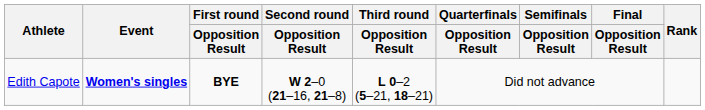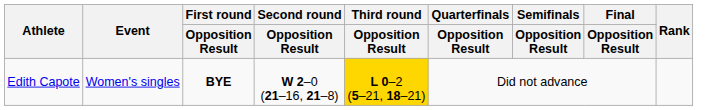 <table class="wikitable" style="font-size:90%">
 <tr>
 <th rowspan="2">Athlete</th>
 <th rowspan="2">Event</th>
 <th>First round</th>
 <th>Second round</th>
 <th>Third round</th>
 <th>Quarterfinals</th>
 <th>Semifinals</th>
 <th>Final</th>
 <th rowspan="2">Rank</th>
 </tr>
 <tr>
 <th>Opposition<br>Result</th>
 <th>Opposition<br>Result</th>
 <th>Opposition<br>Result</th>
 <th>Opposition<br>Result</th>
 <th>Opposition<br>Result</th>
 <th>Opposition<br>Result</th>
 </tr>
 <tr>
 <td><a href='#'>Edith Capote</a></td>
-<td><strong><a href='#'>Women's singles</a></strong></td>
+<td><a href='#'>Women's singles</a></td>
 <td align=center><strong>BYE</strong></td>
 <td align=center><br> <strong>W</strong> <strong>2</strong>–0<br>(<strong>21</strong>–16, <strong>21</strong>–8)</td>
-<td align=center><br> <strong>L</strong> <strong>0</strong>–2<br>(<strong>5</strong>–21, <strong>18</strong>–21)</td>
+<td align=center style="background: gold;"><br> <strong>L</strong> <strong>0</strong>–2<br>(<strong>5</strong>–21, <strong>18</strong>–21)</td>
 <td align=center colspan=3>Did not advance</td>
 <td align=center></td>
 </tr>
 </table>
